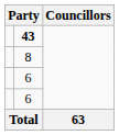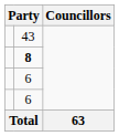 <table class="wikitable">
 <tr>
 <th colspan=2>Party</th>
 <th>Councillors</th>
 </tr>
 <tr>
 <td></td>
-<td align=center><strong>43</strong></td>
+<td align=center>43</td>
 </tr>
 <tr>
 <td></td>
-<td align=center>8</td>
+<td align=center><strong>8</strong></td>
 </tr>
 <tr>
 <td></td>
 <td align=center>6</td>
 </tr>
 <tr>
 <td></td>
 <td align=center>6</td>
 </tr>
 <tr>
 <th colspan=2>Total</th>
 <th align=center>63</th>
 </tr>
 </table>
